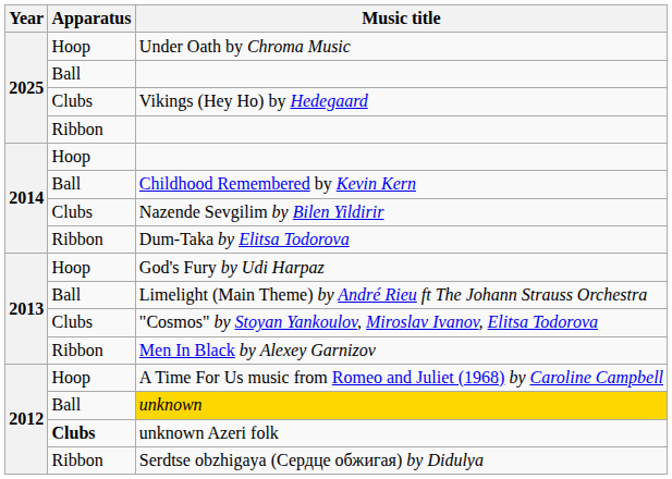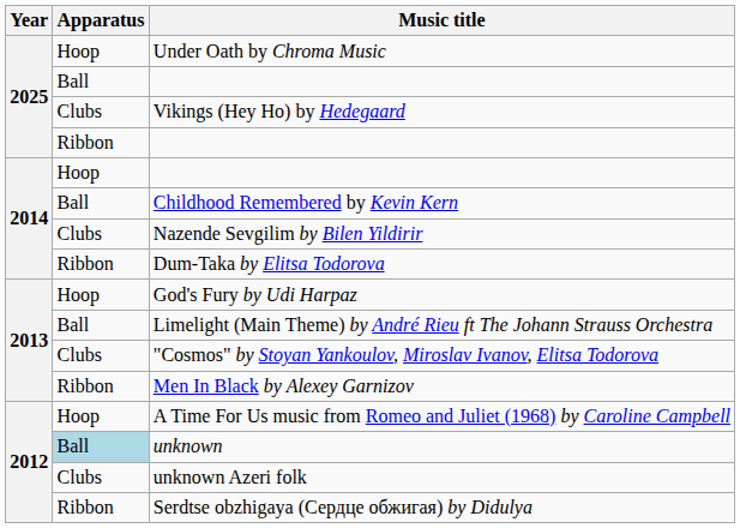 <table class="wikitable plainrowheaders">
 <tr>
 <th scope=col>Year</th>
 <th scope=col>Apparatus</th>
 <th scope=col>Music title </th>
 </tr>
 <tr>
 <th scope=row rowspan=4>2025</th>
 <td>Hoop</td>
 <td>Under Oath by <em>Chroma Music</em></td>
 </tr>
 <tr>
 <td>Ball</td>
 <td></td>
 </tr>
 <tr>
 <td>Clubs</td>
 <td>Vikings (Hey Ho) by <em><a href='#'>Hedegaard</a></em></td>
 </tr>
 <tr>
 <td>Ribbon</td>
 <td></td>
 </tr>
 <tr>
 <th scope=row rowspan=4>2014</th>
 <td>Hoop</td>
 <td></td>
 </tr>
 <tr>
 <td>Ball</td>
 <td><a href='#'>Childhood Remembered</a> by <em><a href='#'>Kevin Kern</a></em></td>
 </tr>
 <tr>
 <td>Clubs</td>
 <td>Nazende Sevgilim <em>by <a href='#'>Bilen Yildirir</a></em></td>
 </tr>
 <tr>
 <td>Ribbon</td>
 <td>Dum-Taka <em>by <a href='#'>Elitsa Todorova</a></em></td>
 </tr>
 <tr>
 <th scope=row rowspan=4>2013</th>
 <td>Hoop</td>
 <td>God's Fury <em>by Udi Harpaz</em></td>
 </tr>
 <tr>
 <td>Ball</td>
 <td>Limelight (Main Theme) <em>by <a href='#'>André Rieu</a> ft The Johann Strauss Orchestra</em></td>
 </tr>
 <tr>
 <td>Clubs</td>
 <td>"Cosmos" <em>by <a href='#'>Stoyan Yankoulov</a>, <a href='#'>Miroslav Ivanov</a>, <a href='#'>Elitsa Todorova</a></em></td>
 </tr>
 <tr>
 <td>Ribbon</td>
 <td><a href='#'>Men In Black</a> <em>by Alexey Garnizov</em></td>
 </tr>
 <tr>
 <th scope=row rowspan=4>2012</th>
 <td>Hoop</td>
 <td>A Time For Us music from <a href='#'>Romeo and Juliet (1968)</a> <em>by <a href='#'>Caroline Campbell</a></em></td>
 </tr>
 <tr>
-<td>Ball</td>
-<td style="background: gold;"><em>unknown</em></td>
+<td style="background: lightblue;">Ball</td>
+<td><em>unknown</em></td>
 </tr>
 <tr>
-<td><strong>Clubs</strong></td>
+<td>Clubs</td>
 <td>unknown Azeri folk</td>
 </tr>
 <tr>
 <td>Ribbon</td>
 <td>Serdtse obzhigaya (Сердце обжигая) <em>by Didulya</em></td>
 </tr>
 <tr>
 </tr>
 </table>
